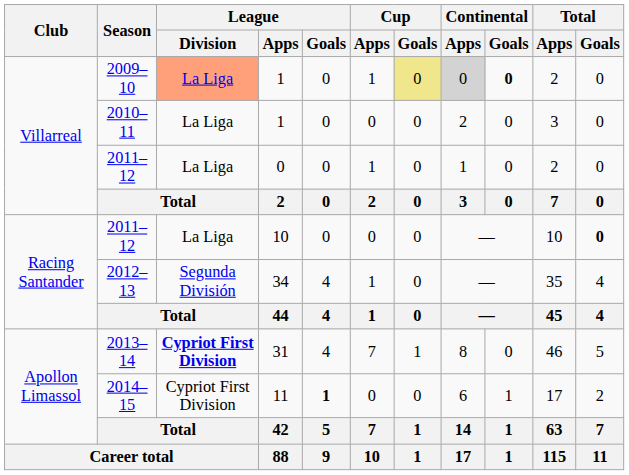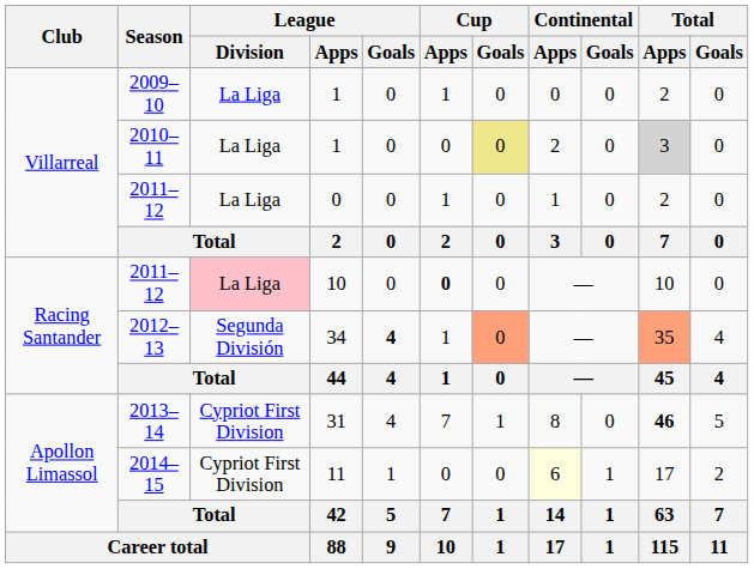 <table class="wikitable" style="text-align: center;">
 <tr>
 <th rowspan="2">Club</th>
 <th rowspan="2">Season</th>
 <th colspan="3">League</th>
 <th colspan="2">Cup</th>
 <th colspan="2">Continental</th>
 <th colspan="2">Total</th>
 </tr>
 <tr>
 <th>Division</th>
 <th>Apps</th>
 <th>Goals</th>
 <th>Apps</th>
 <th>Goals</th>
 <th>Apps</th>
 <th>Goals</th>
 <th>Apps</th>
 <th>Goals</th>
 </tr>
 <tr>
 <td rowspan="4"><a href='#'>Villarreal</a></td>
 <td><a href='#'>2009–10</a></td>
-<td style="background: lightsalmon;"><a href='#'>La Liga</a></td>
+<td><a href='#'>La Liga</a></td>
 <td>1</td>
 <td>0</td>
 <td>1</td>
-<td style="background: khaki;">0</td>
-<td style="background: lightgrey;">0</td>
-<td><strong>0</strong></td>
+<td>0</td>
+<td>0</td>
+<td>0</td>
 <td>2</td>
 <td>0</td>
 </tr>
 <tr>
 <td><a href='#'>2010–11</a></td>
 <td>La Liga</td>
 <td>1</td>
 <td>0</td>
 <td>0</td>
-<td>0</td>
+<td style="background: khaki;">0</td>
 <td>2</td>
 <td>0</td>
-<td>3</td>
+<td style="background: lightgrey;">3</td>
 <td>0</td>
 </tr>
 <tr>
 <td><a href='#'>2011–12</a></td>
 <td>La Liga</td>
 <td>0</td>
 <td>0</td>
 <td>1</td>
 <td>0</td>
 <td>1</td>
 <td>0</td>
 <td>2</td>
 <td>0</td>
 </tr>
 <tr>
 <th colspan="2">Total</th>
 <th>2</th>
 <th>0</th>
 <th>2</th>
 <th>0</th>
 <th>3</th>
 <th>0</th>
 <th>7</th>
 <th>0</th>
 </tr>
 <tr>
 <td rowspan="3"><a href='#'>Racing Santander</a></td>
 <td><a href='#'>2011–12</a></td>
-<td>La Liga</td>
+<td style="background: pink;">La Liga</td>
 <td>10</td>
 <td>0</td>
-<td>0</td>
+<td><strong>0</strong></td>
 <td>0</td>
 <td colspan="2">—</td>
 <td>10</td>
-<td><strong>0</strong></td>
+<td>0</td>
 </tr>
 <tr>
 <td><a href='#'>2012–13</a></td>
 <td><a href='#'>Segunda División</a></td>
 <td>34</td>
-<td>4</td>
+<td><strong>4</strong></td>
 <td>1</td>
-<td>0</td>
+<td style="background: lightsalmon;">0</td>
 <td colspan="2">—</td>
-<td>35</td>
+<td style="background: lightsalmon;">35</td>
 <td>4</td>
 </tr>
 <tr>
 <th colspan="2">Total</th>
 <th>44</th>
 <th>4</th>
 <th>1</th>
 <th>0</th>
 <th colspan="2">—</th>
 <th>45</th>
 <th>4</th>
 </tr>
 <tr>
 <td rowspan="3"><a href='#'>Apollon Limassol</a></td>
 <td><a href='#'>2013–14</a></td>
-<td><strong><a href='#'>Cypriot First Division</a></strong></td>
+<td><a href='#'>Cypriot First Division</a></td>
 <td>31</td>
 <td>4</td>
 <td>7</td>
 <td>1</td>
 <td>8</td>
 <td>0</td>
-<td>46</td>
+<td><strong>46</strong></td>
 <td>5</td>
 </tr>
 <tr>
 <td><a href='#'>2014–15</a></td>
 <td>Cypriot First Division</td>
 <td>11</td>
-<td><strong>1</strong></td>
+<td>1</td>
 <td>0</td>
 <td>0</td>
-<td>6</td>
+<td style="background: lightyellow;">6</td>
 <td>1</td>
 <td>17</td>
 <td>2</td>
 </tr>
 <tr>
 <th colspan="2">Total</th>
 <th>42</th>
 <th>5</th>
 <th>7</th>
 <th>1</th>
 <th>14</th>
 <th>1</th>
 <th>63</th>
 <th>7</th>
 </tr>
 <tr>
 <th colspan="3">Career total</th>
 <th>88</th>
 <th>9</th>
 <th>10</th>
 <th>1</th>
 <th>17</th>
 <th>1</th>
 <th>115</th>
 <th>11</th>
 </tr>
 </table>
